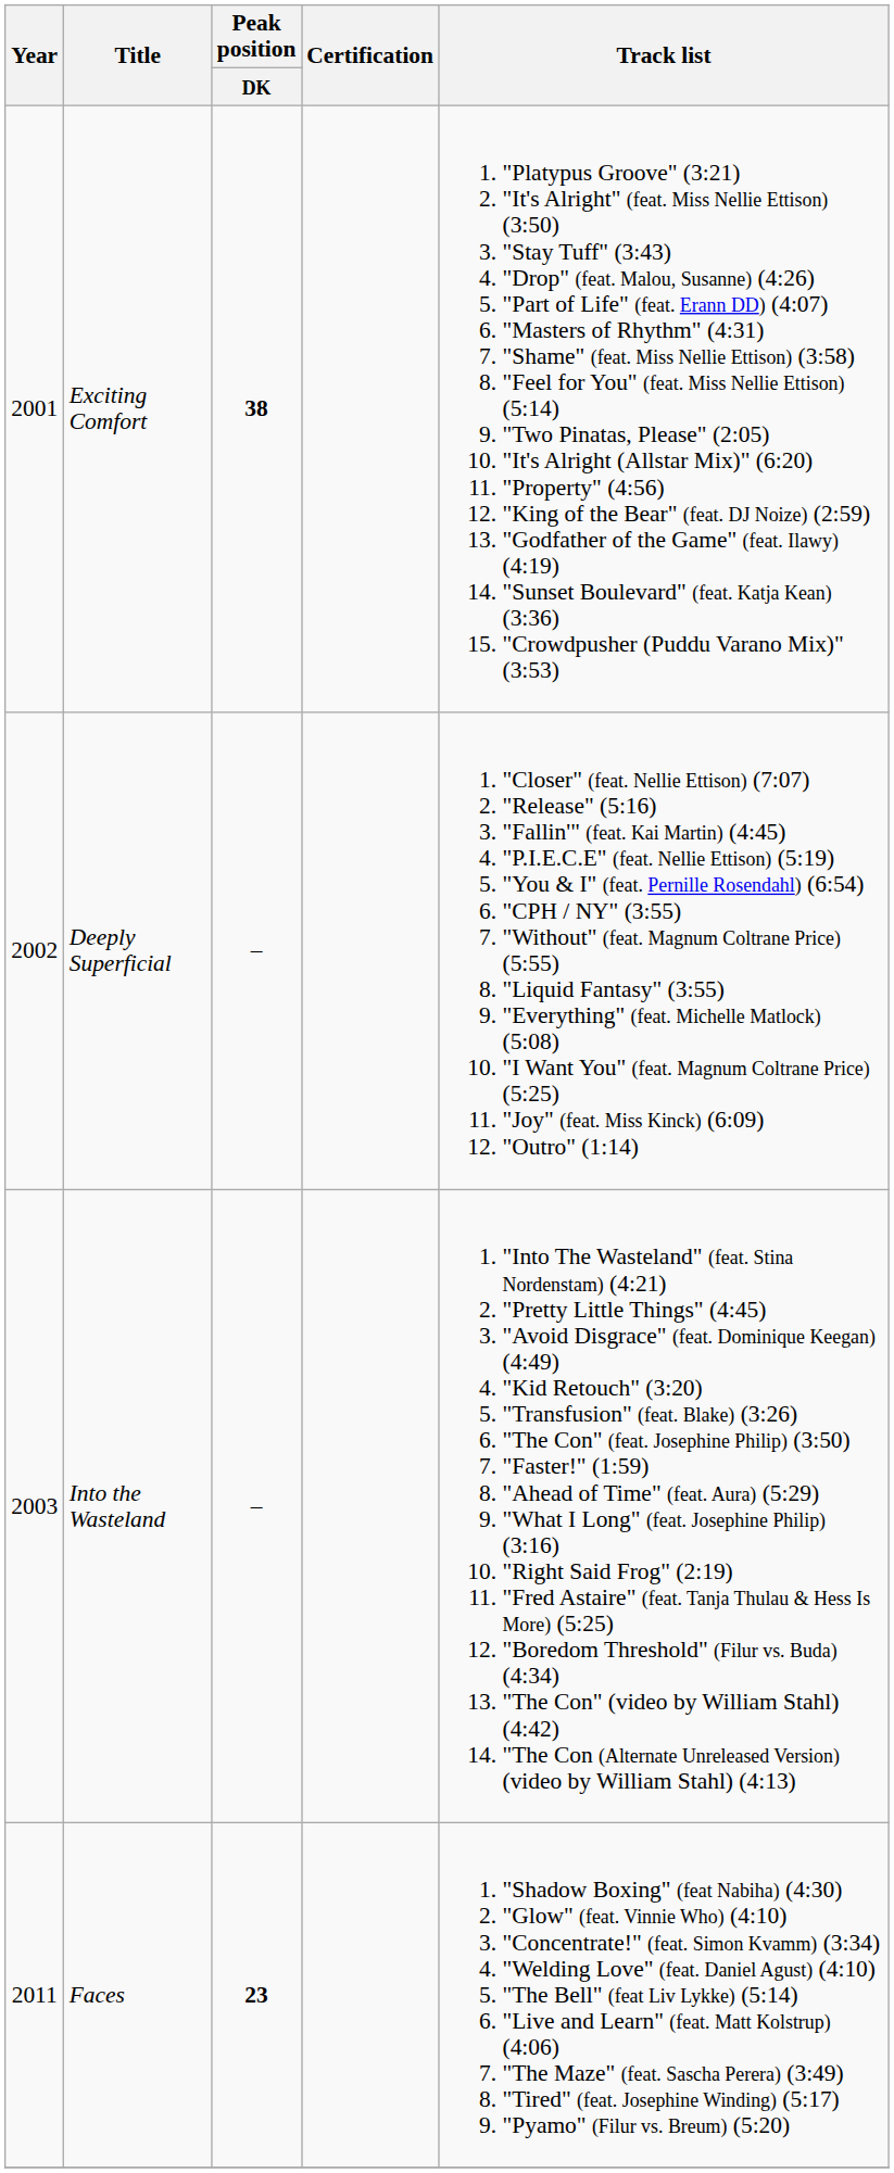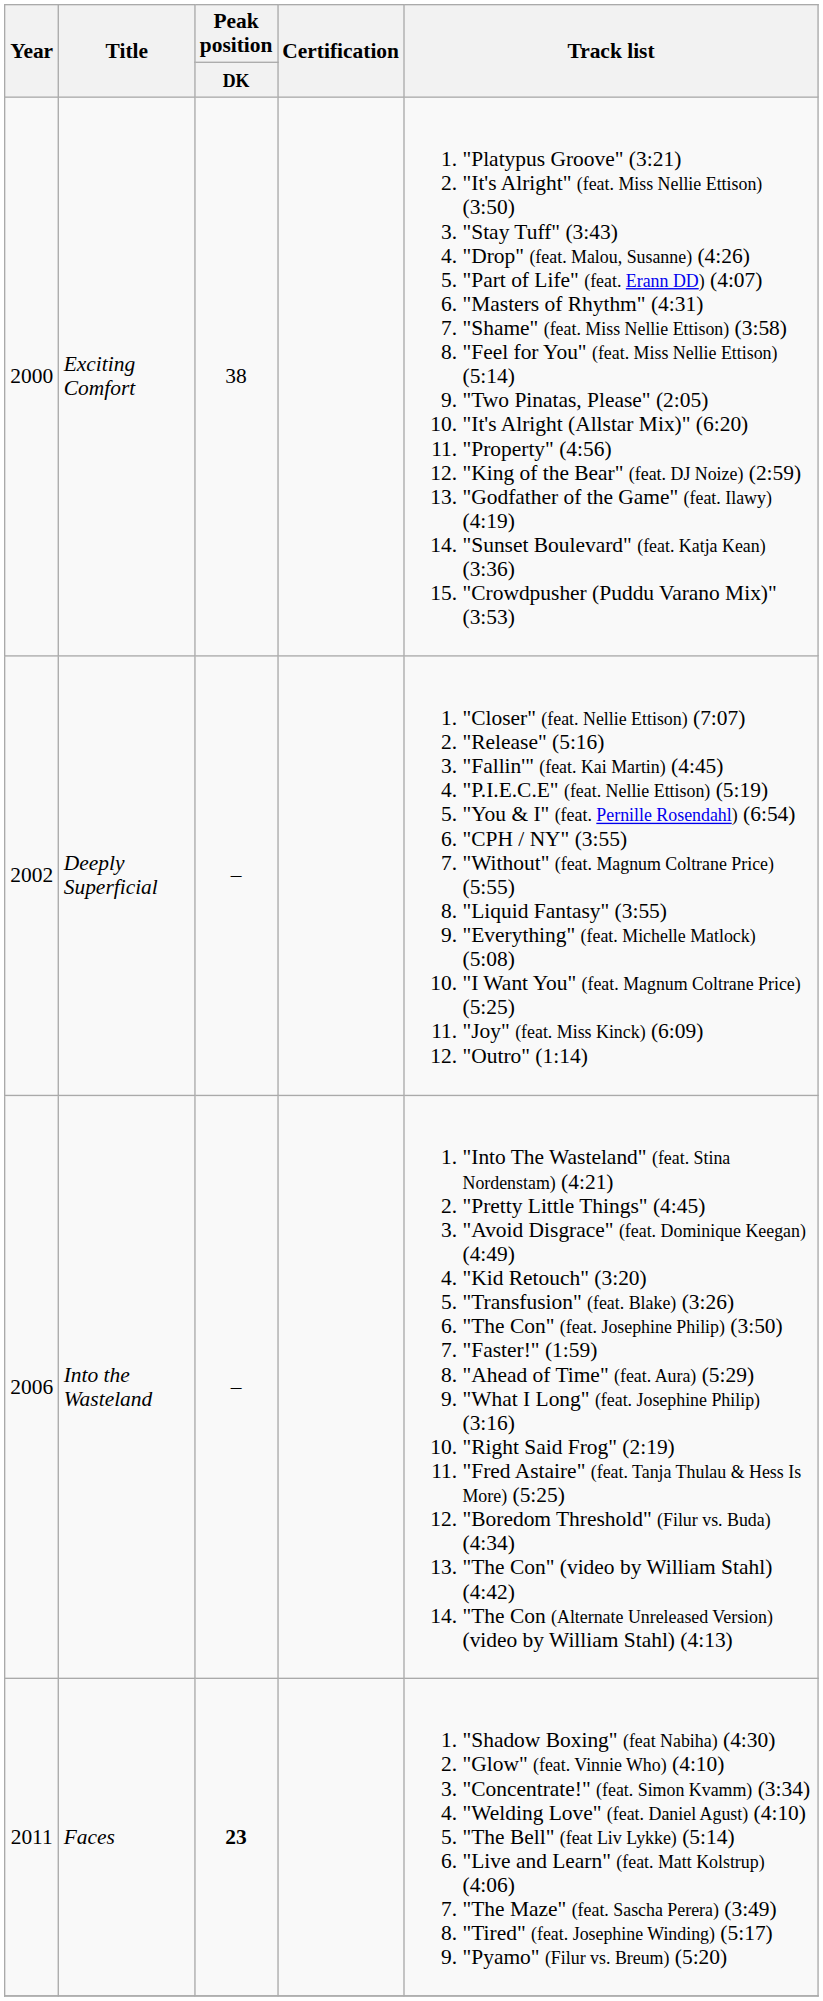 <table class="wikitable">
 <tr>
 <th width="33" rowspan="2" style="text-align:center;">Year</th>
 <th rowspan="2">Title</th>
 <th colspan="1">Peak <br>position</th>
 <th rowspan="2">Certification</th>
 <th rowspan="2">Track list</th>
 </tr>
 <tr>
 <th align="center"><small>DK</small></th>
 </tr>
 <tr>
-<td align="center">2001</td>
+<td align="center">2000</td>
 <td><em>Exciting Comfort</em></td>
-<td align="center"><strong>38</strong></td>
+<td align="center">38</td>
 <td></td>
 <td><br><ol><li>"Platypus Groove" (3:21)</li><li>"It's Alright" <small>(feat. Miss Nellie Ettison)</small> (3:50)</li><li>"Stay Tuff" (3:43)</li><li>"Drop" <small>(feat. Malou, Susanne)</small> (4:26)</li><li>"Part of Life" <small>(feat. <a href='#'>Erann DD</a>)</small> (4:07)</li><li>"Masters of Rhythm" (4:31)</li><li>"Shame" <small>(feat. Miss Nellie Ettison)</small> (3:58)</li><li>"Feel for You" <small>(feat. Miss Nellie Ettison)</small> (5:14)</li><li>"Two Pinatas, Please" (2:05)</li><li>"It's Alright (Allstar Mix)" (6:20)</li><li>"Property" (4:56)</li><li>"King of the Bear" <small>(feat. DJ Noize)</small> (2:59)</li><li>"Godfather of the Game" <small>(feat. Ilawy)</small> (4:19)</li><li>"Sunset Boulevard" <small>(feat. Katja Kean)</small> (3:36)</li><li>"Crowdpusher (Puddu Varano Mix)" (3:53)</li></ol></td>
 </tr>
 <tr>
 <td align="center">2002</td>
 <td><em>Deeply Superficial</em></td>
 <td align="center">–</td>
 <td></td>
 <td><br><ol><li>"Closer" <small>(feat. Nellie Ettison)</small> (7:07)</li><li>"Release" (5:16)</li><li>"Fallin'" <small>(feat. Kai Martin)</small> (4:45)</li><li>"P.I.E.C.E" <small>(feat. Nellie Ettison)</small> (5:19)</li><li>"You & I" <small>(feat. <a href='#'>Pernille Rosendahl</a>)</small> (6:54)</li><li>"CPH / NY" (3:55)</li><li>"Without" <small>(feat. Magnum Coltrane Price)</small> (5:55)</li><li>"Liquid Fantasy" (3:55)</li><li>"Everything" <small>(feat. Michelle Matlock)</small> (5:08)</li><li>"I Want You" <small>(feat. Magnum Coltrane Price)</small> (5:25)</li><li>"Joy" <small>(feat. Miss Kinck)</small> (6:09)</li><li>"Outro" (1:14)</li></ol></td>
 </tr>
 <tr>
-<td align="center">2003</td>
+<td align="center">2006</td>
 <td><em>Into the Wasteland</em></td>
 <td align="center">–</td>
 <td></td>
 <td><br><ol><li>"Into The Wasteland" <small>(feat. Stina Nordenstam)</small> (4:21)</li><li>"Pretty Little Things" (4:45)</li><li>"Avoid Disgrace" <small>(feat. Dominique Keegan)</small> (4:49)</li><li>"Kid Retouch" (3:20)</li><li>"Transfusion" <small>(feat. Blake)</small> (3:26)</li><li>"The Con" <small>(feat. Josephine Philip)</small> (3:50)</li><li>"Faster!" (1:59)</li><li>"Ahead of Time" <small>(feat. Aura)</small> (5:29)</li><li>"What I Long" <small>(feat. Josephine Philip)</small> (3:16)</li><li>"Right Said Frog" (2:19)</li><li>"Fred Astaire" <small>(feat. Tanja Thulau & Hess Is More)</small> (5:25)</li><li>"Boredom Threshold" <small>(Filur vs. Buda)</small> (4:34)</li><li>"The Con" (video by William Stahl) (4:42)</li><li>"The Con <small>(Alternate Unreleased Version)</small> (video by William Stahl) (4:13)</li></ol></td>
 </tr>
 <tr>
 <td align="center">2011</td>
 <td><em>Faces</em></td>
 <td align="center"><strong>23</strong></td>
 <td></td>
 <td><br><ol><li>"Shadow Boxing" <small>(feat Nabiha)</small> (4:30)</li><li>"Glow" <small>(feat. Vinnie Who)</small> (4:10)</li><li>"Concentrate!" <small>(feat. Simon Kvamm)</small> (3:34)</li><li>"Welding Love" <small>(feat. Daniel Agust)</small> (4:10)</li><li>"The Bell" <small>(feat Liv Lykke)</small> (5:14)</li><li>"Live and Learn" <small>(feat. Matt Kolstrup)</small> (4:06)</li><li>"The Maze" <small>(feat. Sascha Perera)</small> (3:49)</li><li>"Tired" <small>(feat. Josephine Winding)</small> (5:17)</li><li>"Pyamo" <small>(Filur vs. Breum)</small> (5:20)</li></ol></td>
 </tr>
 <tr>
 </tr>
 </table>
